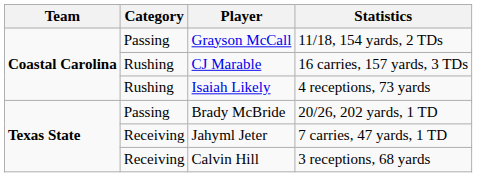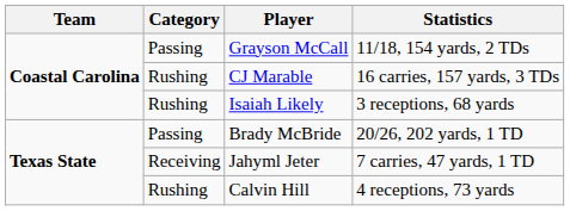 <table class="wikitable" style="float: left;">
 <tr>
 <th>Team</th>
 <th>Category</th>
 <th>Player</th>
 <th>Statistics</th>
 </tr>
 <tr>
 <td rowspan=3><strong>Coastal Carolina</strong></td>
 <td>Passing</td>
 <td><a href='#'>Grayson McCall</a></td>
 <td>11/18, 154 yards, 2 TDs</td>
 </tr>
 <tr>
 <td>Rushing</td>
 <td><a href='#'>CJ Marable</a></td>
 <td>16 carries, 157 yards, 3 TDs</td>
 </tr>
 <tr>
 <td>Rushing</td>
 <td><a href='#'>Isaiah Likely</a></td>
-<td>4 receptions, 73 yards</td>
+<td>3 receptions, 68 yards</td>
 </tr>
 <tr>
 <td rowspan=3><strong>Texas State</strong></td>
 <td>Passing</td>
 <td>Brady McBride</td>
 <td>20/26, 202 yards, 1 TD</td>
 </tr>
 <tr>
 <td>Receiving</td>
 <td>Jahyml Jeter</td>
 <td>7 carries, 47 yards, 1 TD</td>
 </tr>
 <tr>
-<td>Receiving</td>
+<td>Rushing</td>
 <td>Calvin Hill</td>
-<td>3 receptions, 68 yards</td>
+<td>4 receptions, 73 yards</td>
 </tr>
 </table>
